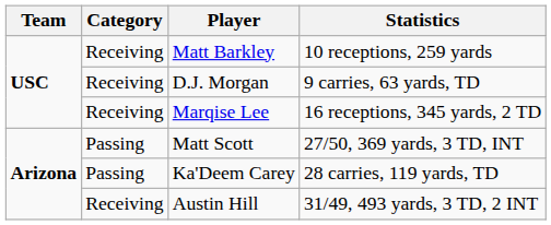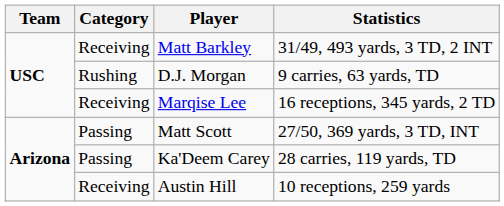 <table class="wikitable" style="float: right;">
 <tr>
 <th>Team</th>
 <th>Category</th>
 <th>Player</th>
 <th>Statistics</th>
 </tr>
 <tr>
 <td rowspan=3><strong>USC</strong></td>
 <td>Receiving</td>
 <td><a href='#'>Matt Barkley</a></td>
-<td>10 receptions, 259 yards</td>
+<td>31/49, 493 yards, 3 TD, 2 INT</td>
 </tr>
 <tr>
-<td>Receiving</td>
+<td>Rushing</td>
 <td>D.J. Morgan</td>
 <td>9 carries, 63 yards, TD</td>
 </tr>
 <tr>
 <td>Receiving</td>
 <td><a href='#'>Marqise Lee</a></td>
 <td>16 receptions, 345 yards, 2 TD</td>
 </tr>
 <tr>
 <td rowspan=3><strong>Arizona</strong></td>
 <td>Passing</td>
 <td>Matt Scott</td>
 <td>27/50, 369 yards, 3 TD, INT</td>
 </tr>
 <tr>
 <td>Passing</td>
 <td>Ka'Deem Carey</td>
 <td>28 carries, 119 yards, TD</td>
 </tr>
 <tr>
 <td>Receiving</td>
 <td>Austin Hill</td>
-<td>31/49, 493 yards, 3 TD, 2 INT</td>
+<td>10 receptions, 259 yards</td>
 </tr>
 </table>
